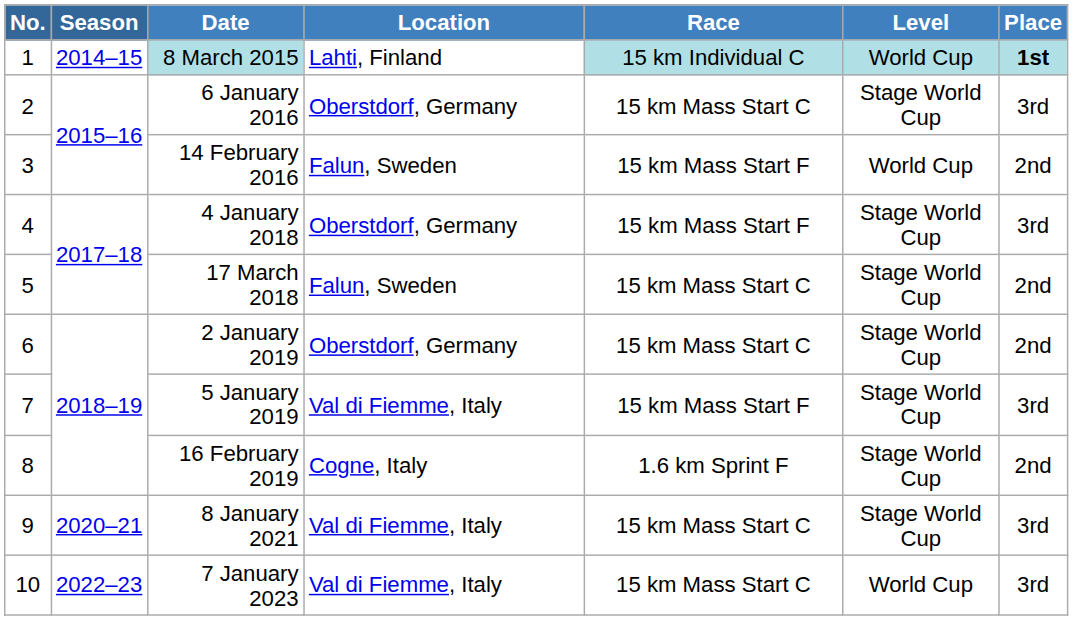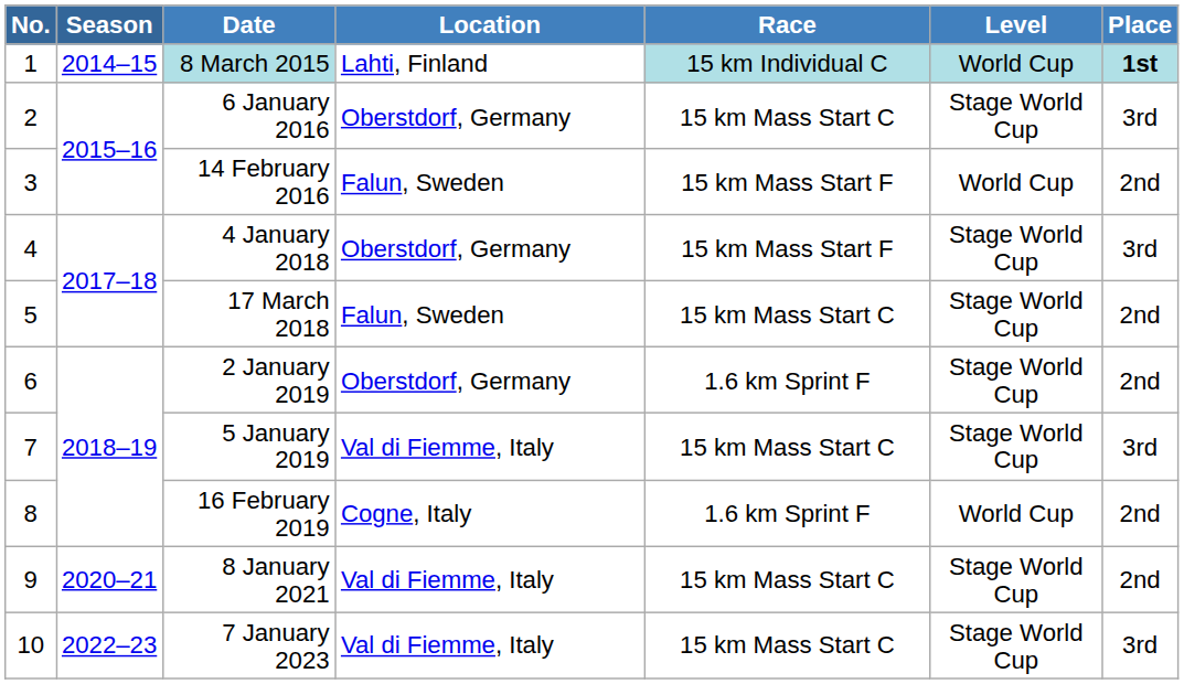 <table class="wikitable sortable" style="font-size:95%; text-align:center; border:grey solid 1px; border-collapse:collapse; background:#ffffff;">
 <tr style="background:#efefef;">
 <th style="background-color:#369; color:white;">No.</th>
 <th style="background-color:#369; color:white;">Season</th>
 <th style="background-color:#4180be; color:white; width:100px;">Date</th>
 <th style="background-color:#4180be; color:white; width:185px;">Location</th>
 <th style="background-color:#4180be; color:white; width:170px;">Race</th>
 <th style="background-color:#4180be; color:white; width:100px;">Level</th>
 <th style="background-color:#4180be; color:white;">Place</th>
 </tr>
 <tr>
 <td align=center>1</td>
 <td rowspan=1 align=center><a href='#'>2014–15</a></td>
 <td bgcolor="#BOEOE6" align=right>8 March 2015</td>
 <td align=left> <a href='#'>Lahti</a>, Finland</td>
 <td bgcolor="#BOEOE6">15 km Individual C</td>
 <td bgcolor="#BOEOE6">World Cup</td>
 <td bgcolor="#BOEOE6"><strong>1st</strong></td>
 </tr>
 <tr>
 <td align=center>2</td>
 <td rowspan=2 align=center><a href='#'>2015–16</a></td>
 <td align=right>6 January 2016</td>
 <td align=left> <a href='#'>Oberstdorf</a>, Germany</td>
 <td>15 km Mass Start C</td>
 <td>Stage World Cup</td>
 <td>3rd</td>
 </tr>
 <tr>
 <td align=center>3</td>
 <td align=right>14 February 2016</td>
 <td align=left> <a href='#'>Falun</a>, Sweden</td>
 <td>15 km Mass Start F</td>
 <td>World Cup</td>
 <td>2nd</td>
 </tr>
 <tr>
 <td align=center>4</td>
 <td rowspan=2 align=center><a href='#'>2017–18</a></td>
 <td align=right>4 January 2018</td>
 <td align=left> <a href='#'>Oberstdorf</a>, Germany</td>
 <td>15 km Mass Start F</td>
 <td>Stage World Cup</td>
 <td>3rd</td>
 </tr>
 <tr>
 <td align=center>5</td>
 <td align=right>17 March 2018</td>
 <td align=left> <a href='#'>Falun</a>, Sweden</td>
 <td>15 km Mass Start C</td>
 <td>Stage World Cup</td>
 <td>2nd</td>
 </tr>
 <tr>
 <td align=center>6</td>
 <td rowspan="3" align="center"><a href='#'>2018–19</a></td>
 <td align=right>2 January 2019</td>
 <td align=left> <a href='#'>Oberstdorf</a>, Germany</td>
-<td>15 km Mass Start C</td>
+<td>1.6 km Sprint F</td>
 <td>Stage World Cup</td>
 <td>2nd</td>
 </tr>
 <tr>
 <td align=center>7</td>
 <td align=right>5 January 2019</td>
 <td align=left> <a href='#'>Val di Fiemme</a>, Italy</td>
-<td>15 km Mass Start F</td>
+<td>15 km Mass Start C</td>
 <td>Stage World Cup</td>
 <td>3rd</td>
 </tr>
 <tr>
 <td align=center>8</td>
 <td align=right>16 February 2019</td>
 <td align=left> <a href='#'>Cogne</a>, Italy</td>
 <td>1.6 km Sprint F</td>
-<td>Stage World Cup</td>
+<td>World Cup</td>
 <td>2nd</td>
 </tr>
 <tr>
 <td align=center>9</td>
 <td rowspan=1 align=center><a href='#'>2020–21</a></td>
 <td align=right>8 January 2021</td>
 <td align=left> <a href='#'>Val di Fiemme</a>, Italy</td>
 <td>15 km Mass Start C</td>
 <td>Stage World Cup</td>
-<td>3rd</td>
+<td>2nd</td>
 </tr>
 <tr>
 <td align=center>10</td>
 <td rowspan=1 align=center><a href='#'>2022–23</a></td>
 <td align=right>7 January 2023</td>
 <td align=left> <a href='#'>Val di Fiemme</a>, Italy</td>
 <td>15 km Mass Start C</td>
-<td>World Cup</td>
+<td>Stage World Cup</td>
 <td>3rd</td>
 </tr>
 </table>
